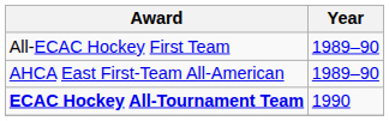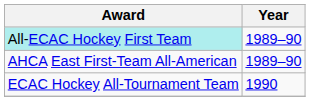 <table class="wikitable">
 <tr>
 <th>Award</th>
 <th>Year</th>
 </tr>
 <tr>
-<td>All-<a href='#'>ECAC Hockey</a> <a href='#'>First Team</a></td>
+<td style="background: paleturquoise;">All-<a href='#'>ECAC Hockey</a> <a href='#'>First Team</a></td>
 <td><a href='#'>1989–90</a></td>
 </tr>
 <tr>
 <td><a href='#'>AHCA</a> <a href='#'>East First-Team All-American</a></td>
 <td><a href='#'>1989–90</a></td>
 </tr>
 <tr>
-<td><strong><a href='#'>ECAC Hockey</a> <a href='#'>All-Tournament Team</a></strong></td>
+<td><a href='#'>ECAC Hockey</a> <a href='#'>All-Tournament Team</a></td>
 <td><a href='#'>1990</a></td>
 </tr>
 <tr>
 </tr>
 </table>
